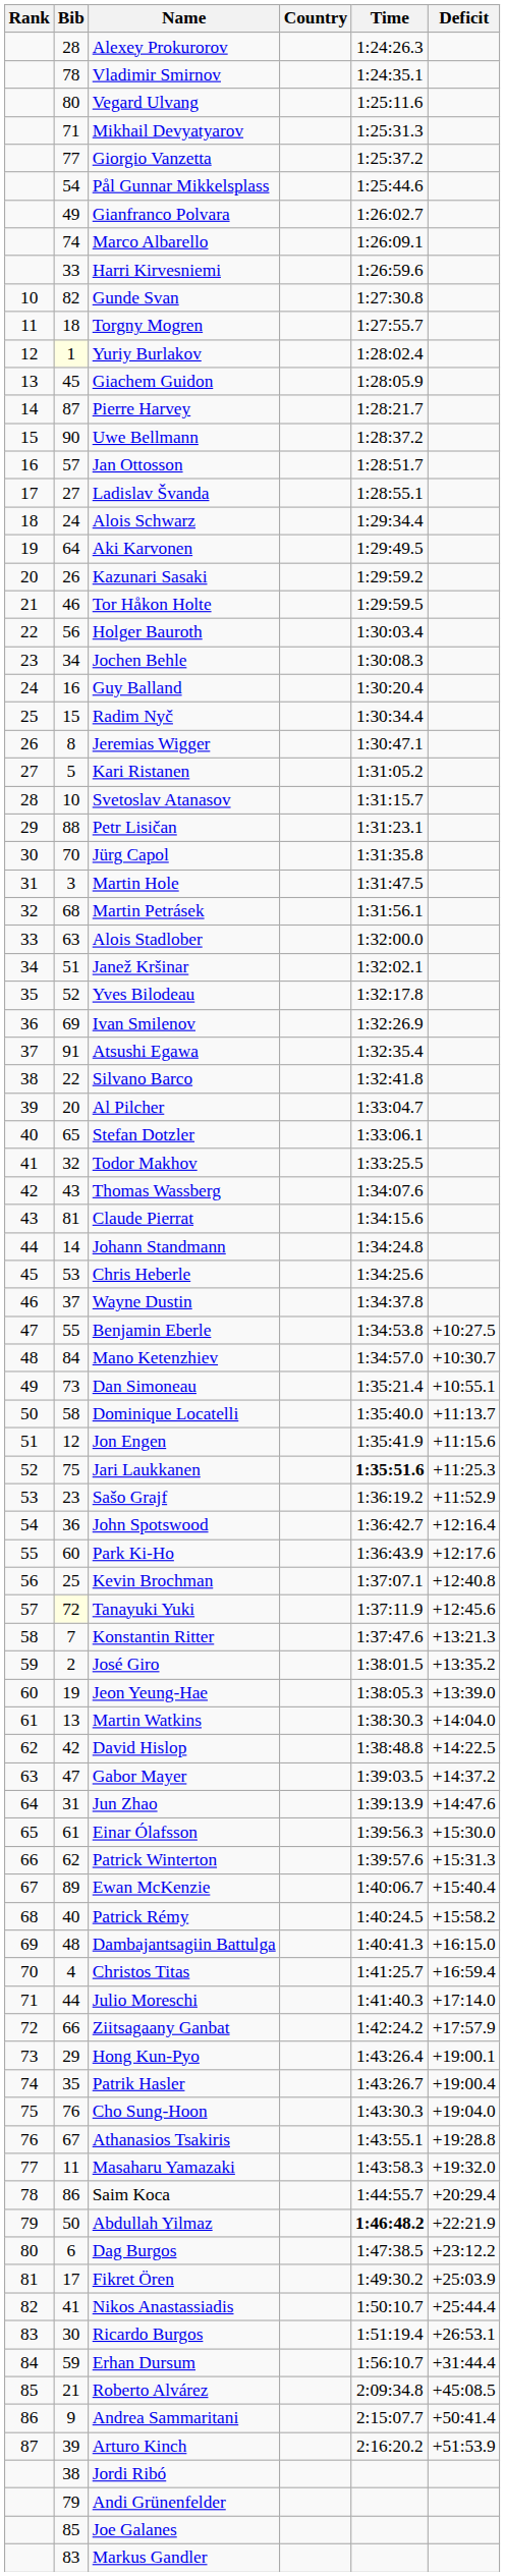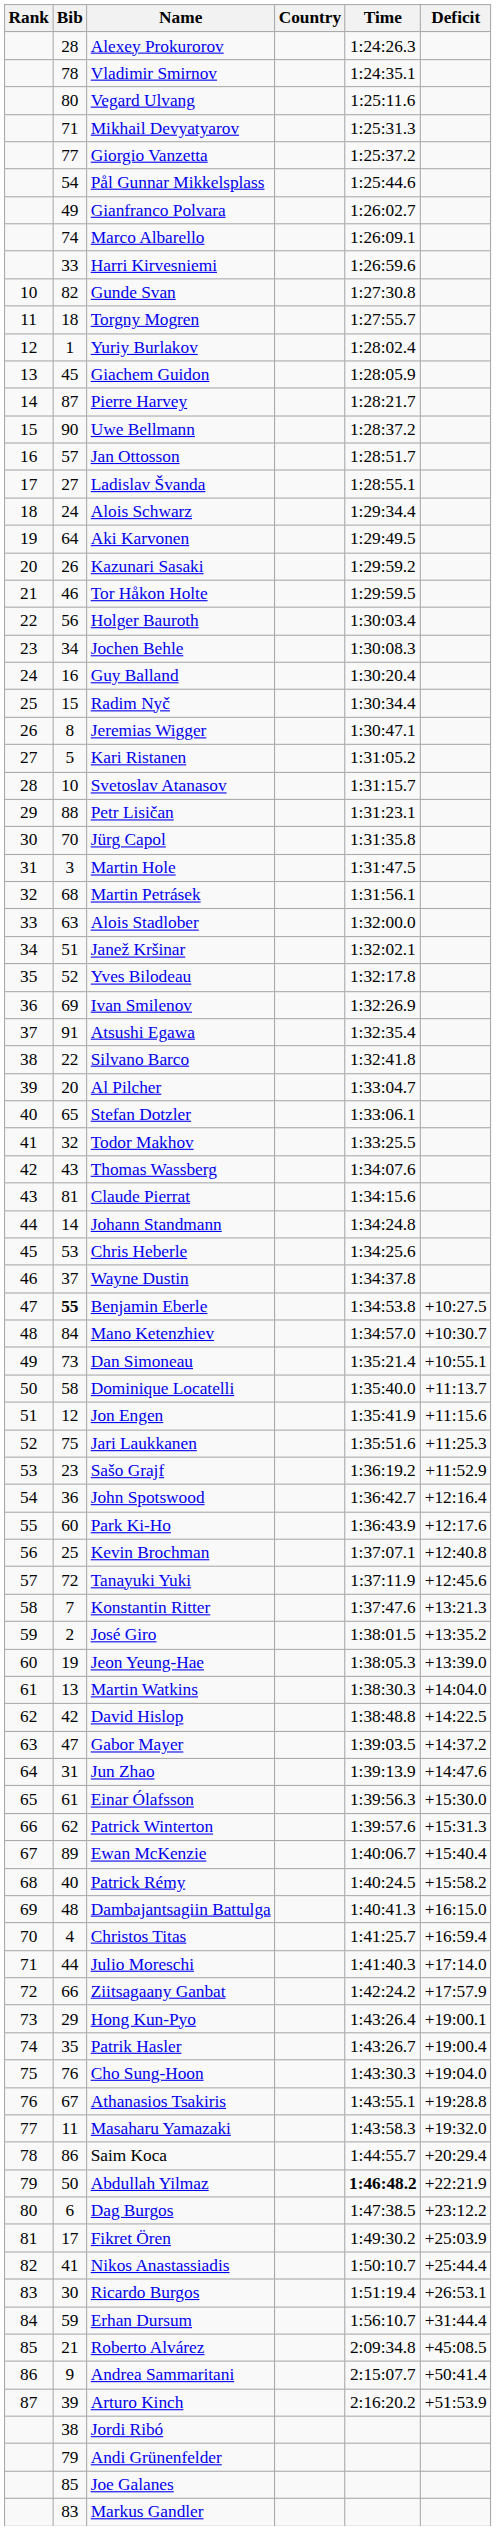 <table class="wikitable sortable" style="text-align:center">
 <tr>
 <th>Rank</th>
 <th>Bib</th>
 <th>Name</th>
 <th>Country</th>
 <th>Time</th>
 <th>Deficit</th>
 </tr>
 <tr>
 <td></td>
 <td>28</td>
 <td align="left"><a href='#'>Alexey Prokurorov</a></td>
 <td align="left"></td>
 <td>1:24:26.3</td>
 <td></td>
 </tr>
 <tr>
 <td></td>
 <td>78</td>
 <td align="left"><a href='#'>Vladimir Smirnov</a></td>
 <td align="left"></td>
 <td>1:24:35.1</td>
 <td align=right></td>
 </tr>
 <tr>
 <td></td>
 <td>80</td>
 <td align="left"><a href='#'>Vegard Ulvang</a></td>
 <td align="left"></td>
 <td>1:25:11.6</td>
 <td align=right></td>
 </tr>
 <tr>
 <td></td>
 <td>71</td>
 <td align="left"><a href='#'>Mikhail Devyatyarov</a></td>
 <td align="left"></td>
 <td>1:25:31.3</td>
 <td align=right></td>
 </tr>
 <tr>
 <td></td>
 <td>77</td>
 <td align="left"><a href='#'>Giorgio Vanzetta</a></td>
 <td align="left"></td>
 <td>1:25:37.2</td>
 <td align=right></td>
 </tr>
 <tr>
 <td></td>
 <td>54</td>
 <td align="left"><a href='#'>Pål Gunnar Mikkelsplass</a></td>
 <td align="left"></td>
 <td>1:25:44.6</td>
 <td align=right></td>
 </tr>
 <tr>
 <td></td>
 <td>49</td>
 <td align="left"><a href='#'>Gianfranco Polvara</a></td>
 <td align="left"></td>
 <td>1:26:02.7</td>
 <td align=right></td>
 </tr>
 <tr>
 <td></td>
 <td>74</td>
 <td align="left"><a href='#'>Marco Albarello</a></td>
 <td align="left"></td>
 <td>1:26:09.1</td>
 <td align=right></td>
 </tr>
 <tr>
 <td></td>
 <td>33</td>
 <td align="left"><a href='#'>Harri Kirvesniemi</a></td>
 <td align="left"></td>
 <td>1:26:59.6</td>
 <td align=right></td>
 </tr>
 <tr>
 <td>10</td>
 <td>82</td>
 <td align="left"><a href='#'>Gunde Svan</a></td>
 <td align="left"></td>
 <td>1:27:30.8</td>
 <td align=right></td>
 </tr>
 <tr>
 <td>11</td>
 <td>18</td>
 <td align="left"><a href='#'>Torgny Mogren</a></td>
 <td align="left"></td>
 <td>1:27:55.7</td>
 <td align=right></td>
 </tr>
 <tr>
 <td>12</td>
-<td style="background: lightyellow;">1</td>
+<td>1</td>
 <td align="left"><a href='#'>Yuriy Burlakov</a></td>
 <td align="left"></td>
 <td>1:28:02.4</td>
 <td align=right></td>
 </tr>
 <tr>
 <td>13</td>
 <td>45</td>
 <td align="left"><a href='#'>Giachem Guidon</a></td>
 <td align="left"></td>
 <td>1:28:05.9</td>
 <td align=right></td>
 </tr>
 <tr>
 <td>14</td>
 <td>87</td>
 <td align="left"><a href='#'>Pierre Harvey</a></td>
 <td align="left"></td>
 <td>1:28:21.7</td>
 <td align=right></td>
 </tr>
 <tr>
 <td>15</td>
 <td>90</td>
 <td align="left"><a href='#'>Uwe Bellmann</a></td>
 <td align="left"></td>
 <td>1:28:37.2</td>
 <td align=right></td>
 </tr>
 <tr>
 <td>16</td>
 <td>57</td>
 <td align="left"><a href='#'>Jan Ottosson</a></td>
 <td align="left"></td>
 <td>1:28:51.7</td>
 <td align=right></td>
 </tr>
 <tr>
 <td>17</td>
 <td>27</td>
 <td align="left"><a href='#'>Ladislav Švanda</a></td>
 <td align="left"></td>
 <td>1:28:55.1</td>
 <td align=right></td>
 </tr>
 <tr>
 <td>18</td>
 <td>24</td>
 <td align="left"><a href='#'>Alois Schwarz</a></td>
 <td align="left"></td>
 <td>1:29:34.4</td>
 <td align=right></td>
 </tr>
 <tr>
 <td>19</td>
 <td>64</td>
 <td align="left"><a href='#'>Aki Karvonen</a></td>
 <td align="left"></td>
 <td>1:29:49.5</td>
 <td align=right></td>
 </tr>
 <tr>
 <td>20</td>
 <td>26</td>
 <td align="left"><a href='#'>Kazunari Sasaki</a></td>
 <td align="left"></td>
 <td>1:29:59.2</td>
 <td align=right></td>
 </tr>
 <tr>
 <td>21</td>
 <td>46</td>
 <td align="left"><a href='#'>Tor Håkon Holte</a></td>
 <td align="left"></td>
 <td>1:29:59.5</td>
 <td align=right></td>
 </tr>
 <tr>
 <td>22</td>
 <td>56</td>
 <td align="left"><a href='#'>Holger Bauroth</a></td>
 <td align="left"></td>
 <td>1:30:03.4</td>
 <td align=right></td>
 </tr>
 <tr>
 <td>23</td>
 <td>34</td>
 <td align="left"><a href='#'>Jochen Behle</a></td>
 <td align="left"></td>
 <td>1:30:08.3</td>
 <td align=right></td>
 </tr>
 <tr>
 <td>24</td>
 <td>16</td>
 <td align="left"><a href='#'>Guy Balland</a></td>
 <td align="left"></td>
 <td>1:30:20.4</td>
 <td align=right></td>
 </tr>
 <tr>
 <td>25</td>
 <td>15</td>
 <td align="left"><a href='#'>Radim Nyč</a></td>
 <td align="left"></td>
 <td>1:30:34.4</td>
 <td align=right></td>
 </tr>
 <tr>
 <td>26</td>
 <td>8</td>
 <td align="left"><a href='#'>Jeremias Wigger</a></td>
 <td align="left"></td>
 <td>1:30:47.1</td>
 <td align=right></td>
 </tr>
 <tr>
 <td>27</td>
 <td>5</td>
 <td align="left"><a href='#'>Kari Ristanen</a></td>
 <td align="left"></td>
 <td>1:31:05.2</td>
 <td align=right></td>
 </tr>
 <tr>
 <td>28</td>
 <td>10</td>
 <td align="left"><a href='#'>Svetoslav Atanasov</a></td>
 <td align="left"></td>
 <td>1:31:15.7</td>
 <td align=right></td>
 </tr>
 <tr>
 <td>29</td>
 <td>88</td>
 <td align="left"><a href='#'>Petr Lisičan</a></td>
 <td align="left"></td>
 <td>1:31:23.1</td>
 <td align=right></td>
 </tr>
 <tr>
 <td>30</td>
 <td>70</td>
 <td align="left"><a href='#'>Jürg Capol</a></td>
 <td align="left"></td>
 <td>1:31:35.8</td>
 <td align=right></td>
 </tr>
 <tr>
 <td>31</td>
 <td>3</td>
 <td align="left"><a href='#'>Martin Hole</a></td>
 <td align="left"></td>
 <td>1:31:47.5</td>
 <td align=right></td>
 </tr>
 <tr>
 <td>32</td>
 <td>68</td>
 <td align="left"><a href='#'>Martin Petrásek</a></td>
 <td align="left"></td>
 <td>1:31:56.1</td>
 <td align=right></td>
 </tr>
 <tr>
 <td>33</td>
 <td>63</td>
 <td align="left"><a href='#'>Alois Stadlober</a></td>
 <td align="left"></td>
 <td>1:32:00.0</td>
 <td align=right></td>
 </tr>
 <tr>
 <td>34</td>
 <td>51</td>
 <td align="left"><a href='#'>Janež Kršinar</a></td>
 <td align="left"></td>
 <td>1:32:02.1</td>
 <td align=right></td>
 </tr>
 <tr>
 <td>35</td>
 <td>52</td>
 <td align="left"><a href='#'>Yves Bilodeau</a></td>
 <td align="left"></td>
 <td>1:32:17.8</td>
 <td align=right></td>
 </tr>
 <tr>
 <td>36</td>
 <td>69</td>
 <td align="left"><a href='#'>Ivan Smilenov</a></td>
 <td align="left"></td>
 <td>1:32:26.9</td>
 <td align=right></td>
 </tr>
 <tr>
 <td>37</td>
 <td>91</td>
 <td align="left"><a href='#'>Atsushi Egawa</a></td>
 <td align="left"></td>
 <td>1:32:35.4</td>
 <td align=right></td>
 </tr>
 <tr>
 <td>38</td>
 <td>22</td>
 <td align="left"><a href='#'>Silvano Barco</a></td>
 <td align="left"></td>
 <td>1:32:41.8</td>
 <td align=right></td>
 </tr>
 <tr>
 <td>39</td>
 <td>20</td>
 <td align="left"><a href='#'>Al Pilcher</a></td>
 <td align="left"></td>
 <td>1:33:04.7</td>
 <td align=right></td>
 </tr>
 <tr>
 <td>40</td>
 <td>65</td>
 <td align="left"><a href='#'>Stefan Dotzler</a></td>
 <td align="left"></td>
 <td>1:33:06.1</td>
 <td align=right></td>
 </tr>
 <tr>
 <td>41</td>
 <td>32</td>
 <td align="left"><a href='#'>Todor Makhov</a></td>
 <td align="left"></td>
 <td>1:33:25.5</td>
 <td align=right></td>
 </tr>
 <tr>
 <td>42</td>
 <td>43</td>
 <td align="left"><a href='#'>Thomas Wassberg</a></td>
 <td align="left"></td>
 <td>1:34:07.6</td>
 <td align=right></td>
 </tr>
 <tr>
 <td>43</td>
 <td>81</td>
 <td align="left"><a href='#'>Claude Pierrat</a></td>
 <td align="left"></td>
 <td>1:34:15.6</td>
 <td align=right></td>
 </tr>
 <tr>
 <td>44</td>
 <td>14</td>
 <td align="left"><a href='#'>Johann Standmann</a></td>
 <td align="left"></td>
 <td>1:34:24.8</td>
 <td align=right></td>
 </tr>
 <tr>
 <td>45</td>
 <td>53</td>
 <td align="left"><a href='#'>Chris Heberle</a></td>
 <td align="left"></td>
 <td>1:34:25.6</td>
 <td align=right></td>
 </tr>
 <tr>
 <td>46</td>
 <td>37</td>
 <td align="left"><a href='#'>Wayne Dustin</a></td>
 <td align="left"></td>
 <td>1:34:37.8</td>
 <td align=right></td>
 </tr>
 <tr>
 <td>47</td>
-<td>55</td>
+<td><strong>55</strong></td>
 <td align="left"><a href='#'>Benjamin Eberle</a></td>
 <td align="left"></td>
 <td>1:34:53.8</td>
 <td align=right>+10:27.5</td>
 </tr>
 <tr>
 <td>48</td>
 <td>84</td>
 <td align="left"><a href='#'>Mano Ketenzhiev</a></td>
 <td align="left"></td>
 <td>1:34:57.0</td>
 <td align=right>+10:30.7</td>
 </tr>
 <tr>
 <td>49</td>
 <td>73</td>
 <td align="left"><a href='#'>Dan Simoneau</a></td>
 <td align="left"></td>
 <td>1:35:21.4</td>
 <td align=right>+10:55.1</td>
 </tr>
 <tr>
 <td>50</td>
 <td>58</td>
 <td align="left"><a href='#'>Dominique Locatelli</a></td>
 <td align="left"></td>
 <td>1:35:40.0</td>
 <td align=right>+11:13.7</td>
 </tr>
 <tr>
 <td>51</td>
 <td>12</td>
 <td align="left"><a href='#'>Jon Engen</a></td>
 <td align="left"></td>
 <td>1:35:41.9</td>
 <td align=right>+11:15.6</td>
 </tr>
 <tr>
 <td>52</td>
 <td>75</td>
 <td align="left"><a href='#'>Jari Laukkanen</a></td>
 <td align="left"></td>
-<td><strong>1:35:51.6</strong></td>
+<td>1:35:51.6</td>
 <td align=right>+11:25.3</td>
 </tr>
 <tr>
 <td>53</td>
 <td>23</td>
 <td align="left"><a href='#'>Sašo Grajf</a></td>
 <td align="left"></td>
 <td>1:36:19.2</td>
 <td align=right>+11:52.9</td>
 </tr>
 <tr>
 <td>54</td>
 <td>36</td>
 <td align="left"><a href='#'>John Spotswood</a></td>
 <td align="left"></td>
 <td>1:36:42.7</td>
 <td align=right>+12:16.4</td>
 </tr>
 <tr>
 <td>55</td>
 <td>60</td>
 <td align="left"><a href='#'>Park Ki-Ho</a></td>
 <td align="left"></td>
 <td>1:36:43.9</td>
 <td align=right>+12:17.6</td>
 </tr>
 <tr>
 <td>56</td>
 <td>25</td>
 <td align="left"><a href='#'>Kevin Brochman</a></td>
 <td align="left"></td>
 <td>1:37:07.1</td>
 <td align=right>+12:40.8</td>
 </tr>
 <tr>
 <td>57</td>
-<td style="background: lightyellow;">72</td>
+<td>72</td>
 <td align="left"><a href='#'>Tanayuki Yuki</a></td>
 <td align="left"></td>
 <td>1:37:11.9</td>
 <td align=right>+12:45.6</td>
 </tr>
 <tr>
 <td>58</td>
 <td>7</td>
 <td align="left"><a href='#'>Konstantin Ritter</a></td>
 <td align="left"></td>
 <td>1:37:47.6</td>
 <td align=right>+13:21.3</td>
 </tr>
 <tr>
 <td>59</td>
 <td>2</td>
 <td align="left"><a href='#'>José Giro</a></td>
 <td align="left"></td>
 <td>1:38:01.5</td>
 <td align=right>+13:35.2</td>
 </tr>
 <tr>
 <td>60</td>
 <td>19</td>
 <td align="left"><a href='#'>Jeon Yeung-Hae</a></td>
 <td align="left"></td>
 <td>1:38:05.3</td>
 <td align=right>+13:39.0</td>
 </tr>
 <tr>
 <td>61</td>
 <td>13</td>
 <td align="left"><a href='#'>Martin Watkins</a></td>
 <td align="left"></td>
 <td>1:38:30.3</td>
 <td align=right>+14:04.0</td>
 </tr>
 <tr>
 <td>62</td>
 <td>42</td>
 <td align="left"><a href='#'>David Hislop</a></td>
 <td align="left"></td>
 <td>1:38:48.8</td>
 <td align=right>+14:22.5</td>
 </tr>
 <tr>
 <td>63</td>
 <td>47</td>
 <td align="left"><a href='#'>Gabor Mayer</a></td>
 <td align="left"></td>
 <td>1:39:03.5</td>
 <td align=right>+14:37.2</td>
 </tr>
 <tr>
 <td>64</td>
 <td>31</td>
 <td align="left"><a href='#'>Jun Zhao</a></td>
 <td align="left"></td>
 <td>1:39:13.9</td>
 <td align=right>+14:47.6</td>
 </tr>
 <tr>
 <td>65</td>
 <td>61</td>
 <td align="left"><a href='#'>Einar Ólafsson</a></td>
 <td align="left"></td>
 <td>1:39:56.3</td>
 <td align=right>+15:30.0</td>
 </tr>
 <tr>
 <td>66</td>
 <td>62</td>
 <td align="left"><a href='#'>Patrick Winterton</a></td>
 <td align="left"></td>
 <td>1:39:57.6</td>
 <td align=right>+15:31.3</td>
 </tr>
 <tr>
 <td>67</td>
 <td>89</td>
 <td align="left"><a href='#'>Ewan McKenzie</a></td>
 <td align="left"></td>
 <td>1:40:06.7</td>
 <td align=right>+15:40.4</td>
 </tr>
 <tr>
 <td>68</td>
 <td>40</td>
 <td align="left"><a href='#'>Patrick Rémy</a></td>
 <td align="left"></td>
 <td>1:40:24.5</td>
 <td align=right>+15:58.2</td>
 </tr>
 <tr>
 <td>69</td>
 <td>48</td>
 <td align="left"><a href='#'>Dambajantsagiin Battulga</a></td>
 <td align="left"></td>
 <td>1:40:41.3</td>
 <td align=right>+16:15.0</td>
 </tr>
 <tr>
 <td>70</td>
 <td>4</td>
 <td align="left"><a href='#'>Christos Titas</a></td>
 <td align="left"></td>
 <td>1:41:25.7</td>
 <td align=right>+16:59.4</td>
 </tr>
 <tr>
 <td>71</td>
 <td>44</td>
 <td align="left"><a href='#'>Julio Moreschi</a></td>
 <td align="left"></td>
 <td>1:41:40.3</td>
 <td align=right>+17:14.0</td>
 </tr>
 <tr>
 <td>72</td>
 <td>66</td>
 <td align="left"><a href='#'>Ziitsagaany Ganbat</a></td>
 <td align="left"></td>
 <td>1:42:24.2</td>
 <td align=right>+17:57.9</td>
 </tr>
 <tr>
 <td>73</td>
 <td>29</td>
 <td align="left"><a href='#'>Hong Kun-Pyo</a></td>
 <td align="left"></td>
 <td>1:43:26.4</td>
 <td align=right>+19:00.1</td>
 </tr>
 <tr>
 <td>74</td>
 <td>35</td>
 <td align="left"><a href='#'>Patrik Hasler</a></td>
 <td align="left"></td>
 <td>1:43:26.7</td>
 <td align=right>+19:00.4</td>
 </tr>
 <tr>
 <td>75</td>
 <td>76</td>
 <td align="left"><a href='#'>Cho Sung-Hoon</a></td>
 <td align="left"></td>
 <td>1:43:30.3</td>
 <td align=right>+19:04.0</td>
 </tr>
 <tr>
 <td>76</td>
 <td>67</td>
 <td align="left"><a href='#'>Athanasios Tsakiris</a></td>
 <td align="left"></td>
 <td>1:43:55.1</td>
 <td align=right>+19:28.8</td>
 </tr>
 <tr>
 <td>77</td>
 <td>11</td>
 <td align="left"><a href='#'>Masaharu Yamazaki</a></td>
 <td align="left"></td>
 <td>1:43:58.3</td>
 <td align=right>+19:32.0</td>
 </tr>
 <tr>
 <td>78</td>
 <td>86</td>
 <td align="left">Saim Koca</td>
 <td align="left"></td>
 <td>1:44:55.7</td>
 <td align=right>+20:29.4</td>
 </tr>
 <tr>
 <td>79</td>
 <td>50</td>
 <td align="left"><a href='#'>Abdullah Yilmaz</a></td>
 <td align="left"></td>
 <td><strong>1:46:48.2</strong></td>
 <td align=right>+22:21.9</td>
 </tr>
 <tr>
 <td>80</td>
 <td>6</td>
 <td align="left"><a href='#'>Dag Burgos</a></td>
 <td align="left"></td>
 <td>1:47:38.5</td>
 <td align=right>+23:12.2</td>
 </tr>
 <tr>
 <td>81</td>
 <td>17</td>
 <td align="left"><a href='#'>Fikret Ören</a></td>
 <td align="left"></td>
 <td>1:49:30.2</td>
 <td align=right>+25:03.9</td>
 </tr>
 <tr>
 <td>82</td>
 <td>41</td>
 <td align="left"><a href='#'>Nikos Anastassiadis</a></td>
 <td align="left"></td>
 <td>1:50:10.7</td>
 <td align=right>+25:44.4</td>
 </tr>
 <tr>
 <td>83</td>
 <td>30</td>
 <td align="left"><a href='#'>Ricardo Burgos</a></td>
 <td align="left"></td>
 <td>1:51:19.4</td>
 <td align=right>+26:53.1</td>
 </tr>
 <tr>
 <td>84</td>
 <td>59</td>
 <td align="left"><a href='#'>Erhan Dursum</a></td>
 <td align="left"></td>
 <td>1:56:10.7</td>
 <td align=right>+31:44.4</td>
 </tr>
 <tr>
 <td>85</td>
 <td>21</td>
 <td align="left"><a href='#'>Roberto Alvárez</a></td>
 <td align="left"></td>
 <td>2:09:34.8</td>
 <td align=right>+45:08.5</td>
 </tr>
 <tr>
 <td>86</td>
 <td>9</td>
 <td align="left"><a href='#'>Andrea Sammaritani</a></td>
 <td align="left"></td>
 <td>2:15:07.7</td>
 <td align=right>+50:41.4</td>
 </tr>
 <tr>
 <td>87</td>
 <td>39</td>
 <td align="left"><a href='#'>Arturo Kinch</a></td>
 <td align="left"></td>
 <td>2:16:20.2</td>
 <td align=right>+51:53.9</td>
 </tr>
 <tr>
 <td></td>
 <td>38</td>
 <td align="left"><a href='#'>Jordi Ribó</a></td>
 <td align="left"></td>
 <td></td>
 <td></td>
 </tr>
 <tr>
 <td></td>
 <td>79</td>
 <td align="left"><a href='#'>Andi Grünenfelder</a></td>
 <td align="left"></td>
 <td></td>
 <td></td>
 </tr>
 <tr>
 <td></td>
 <td>85</td>
 <td align="left"><a href='#'>Joe Galanes</a></td>
 <td align="left"></td>
 <td></td>
 <td></td>
 </tr>
 <tr>
 <td></td>
 <td>83</td>
 <td align="left"><a href='#'>Markus Gandler</a></td>
 <td align="left"></td>
 <td></td>
 <td></td>
 </tr>
 </table>
